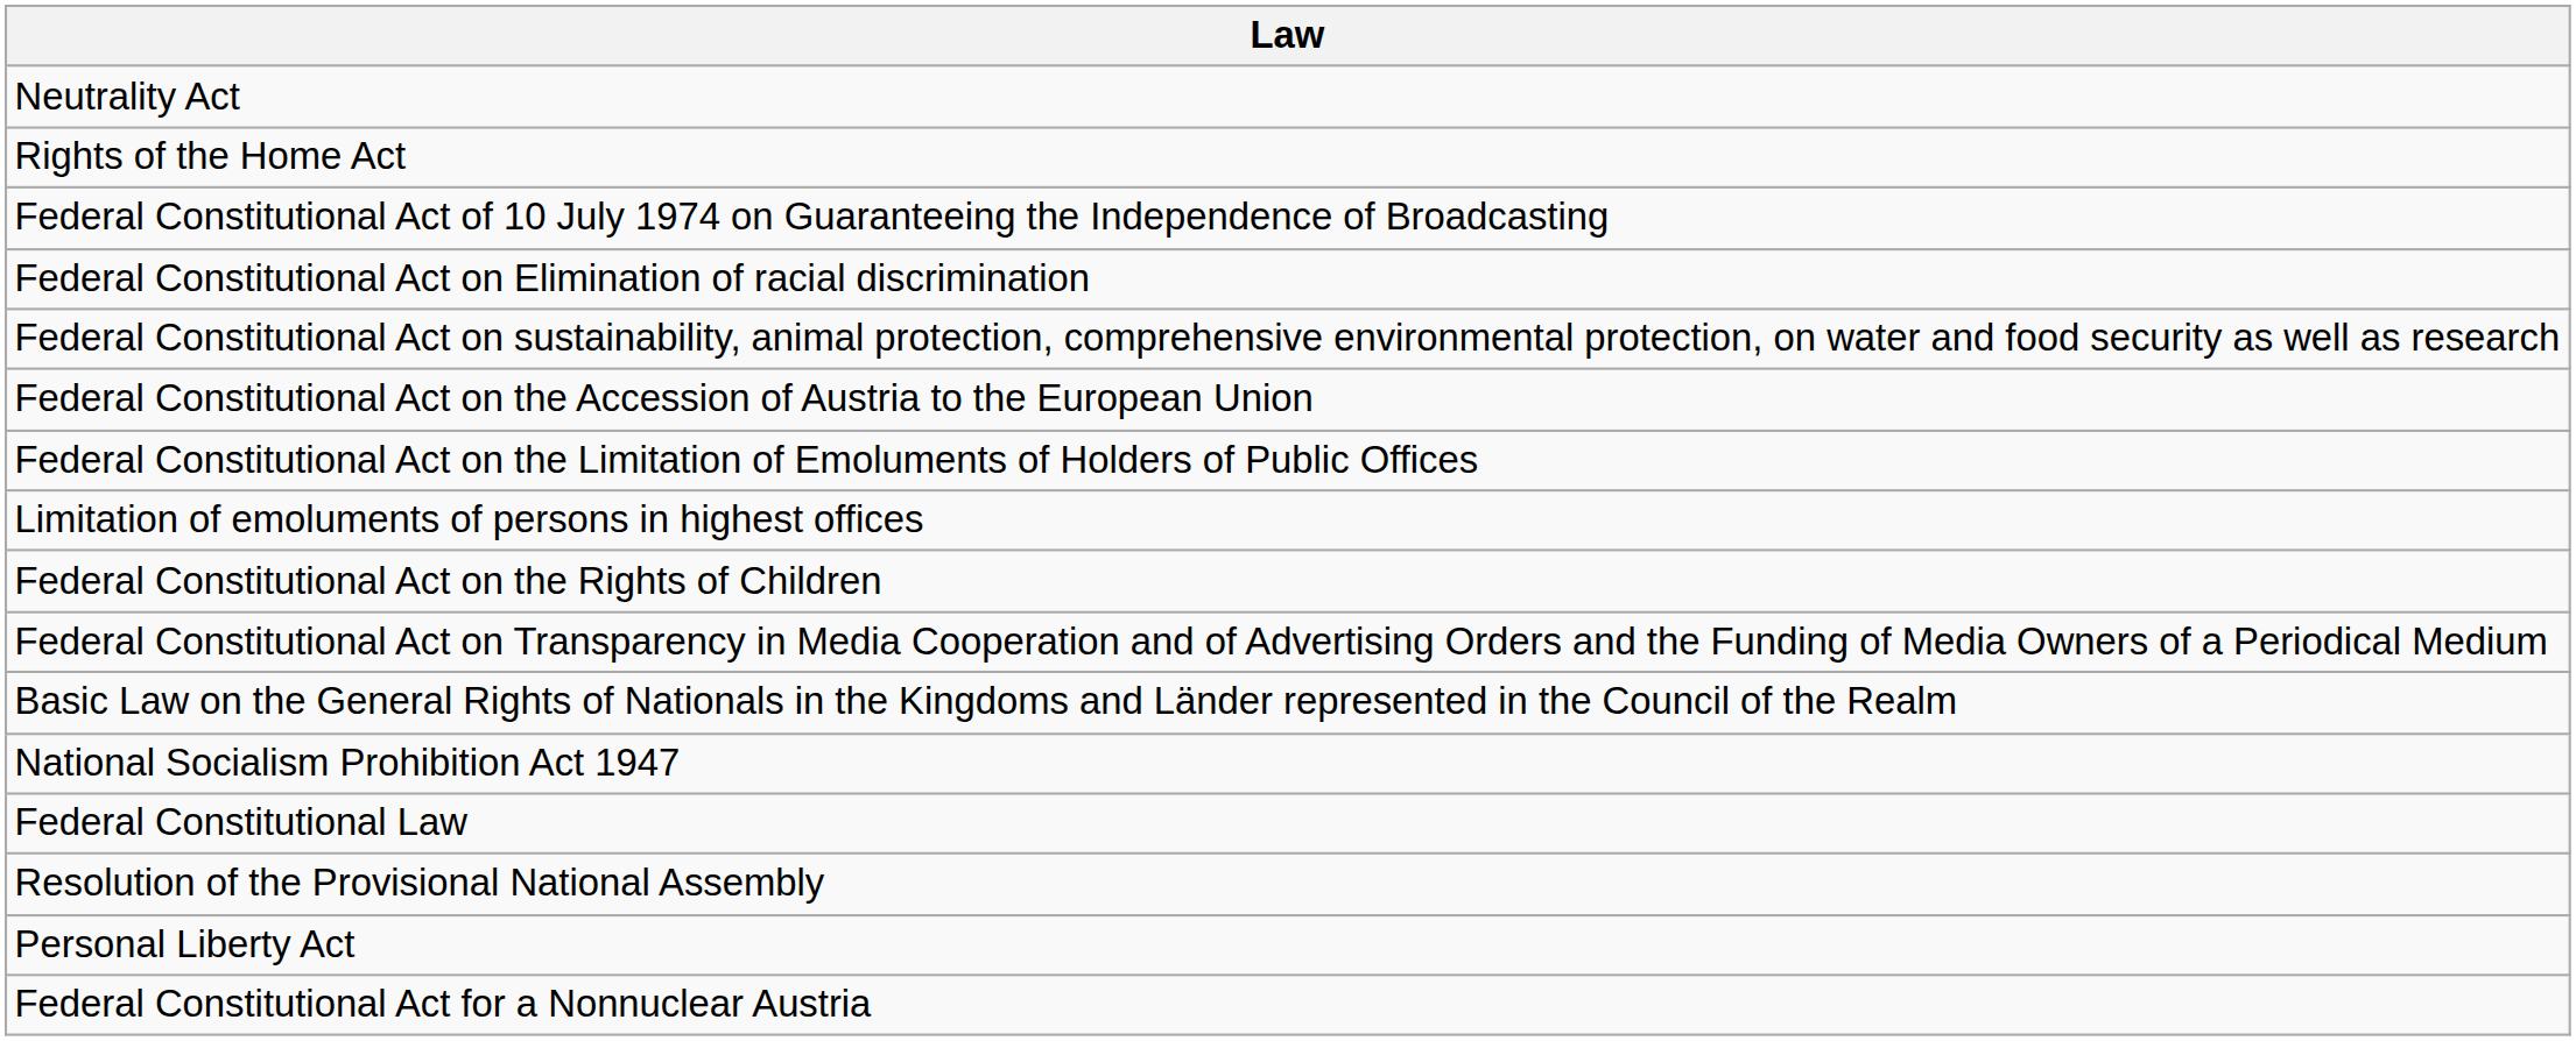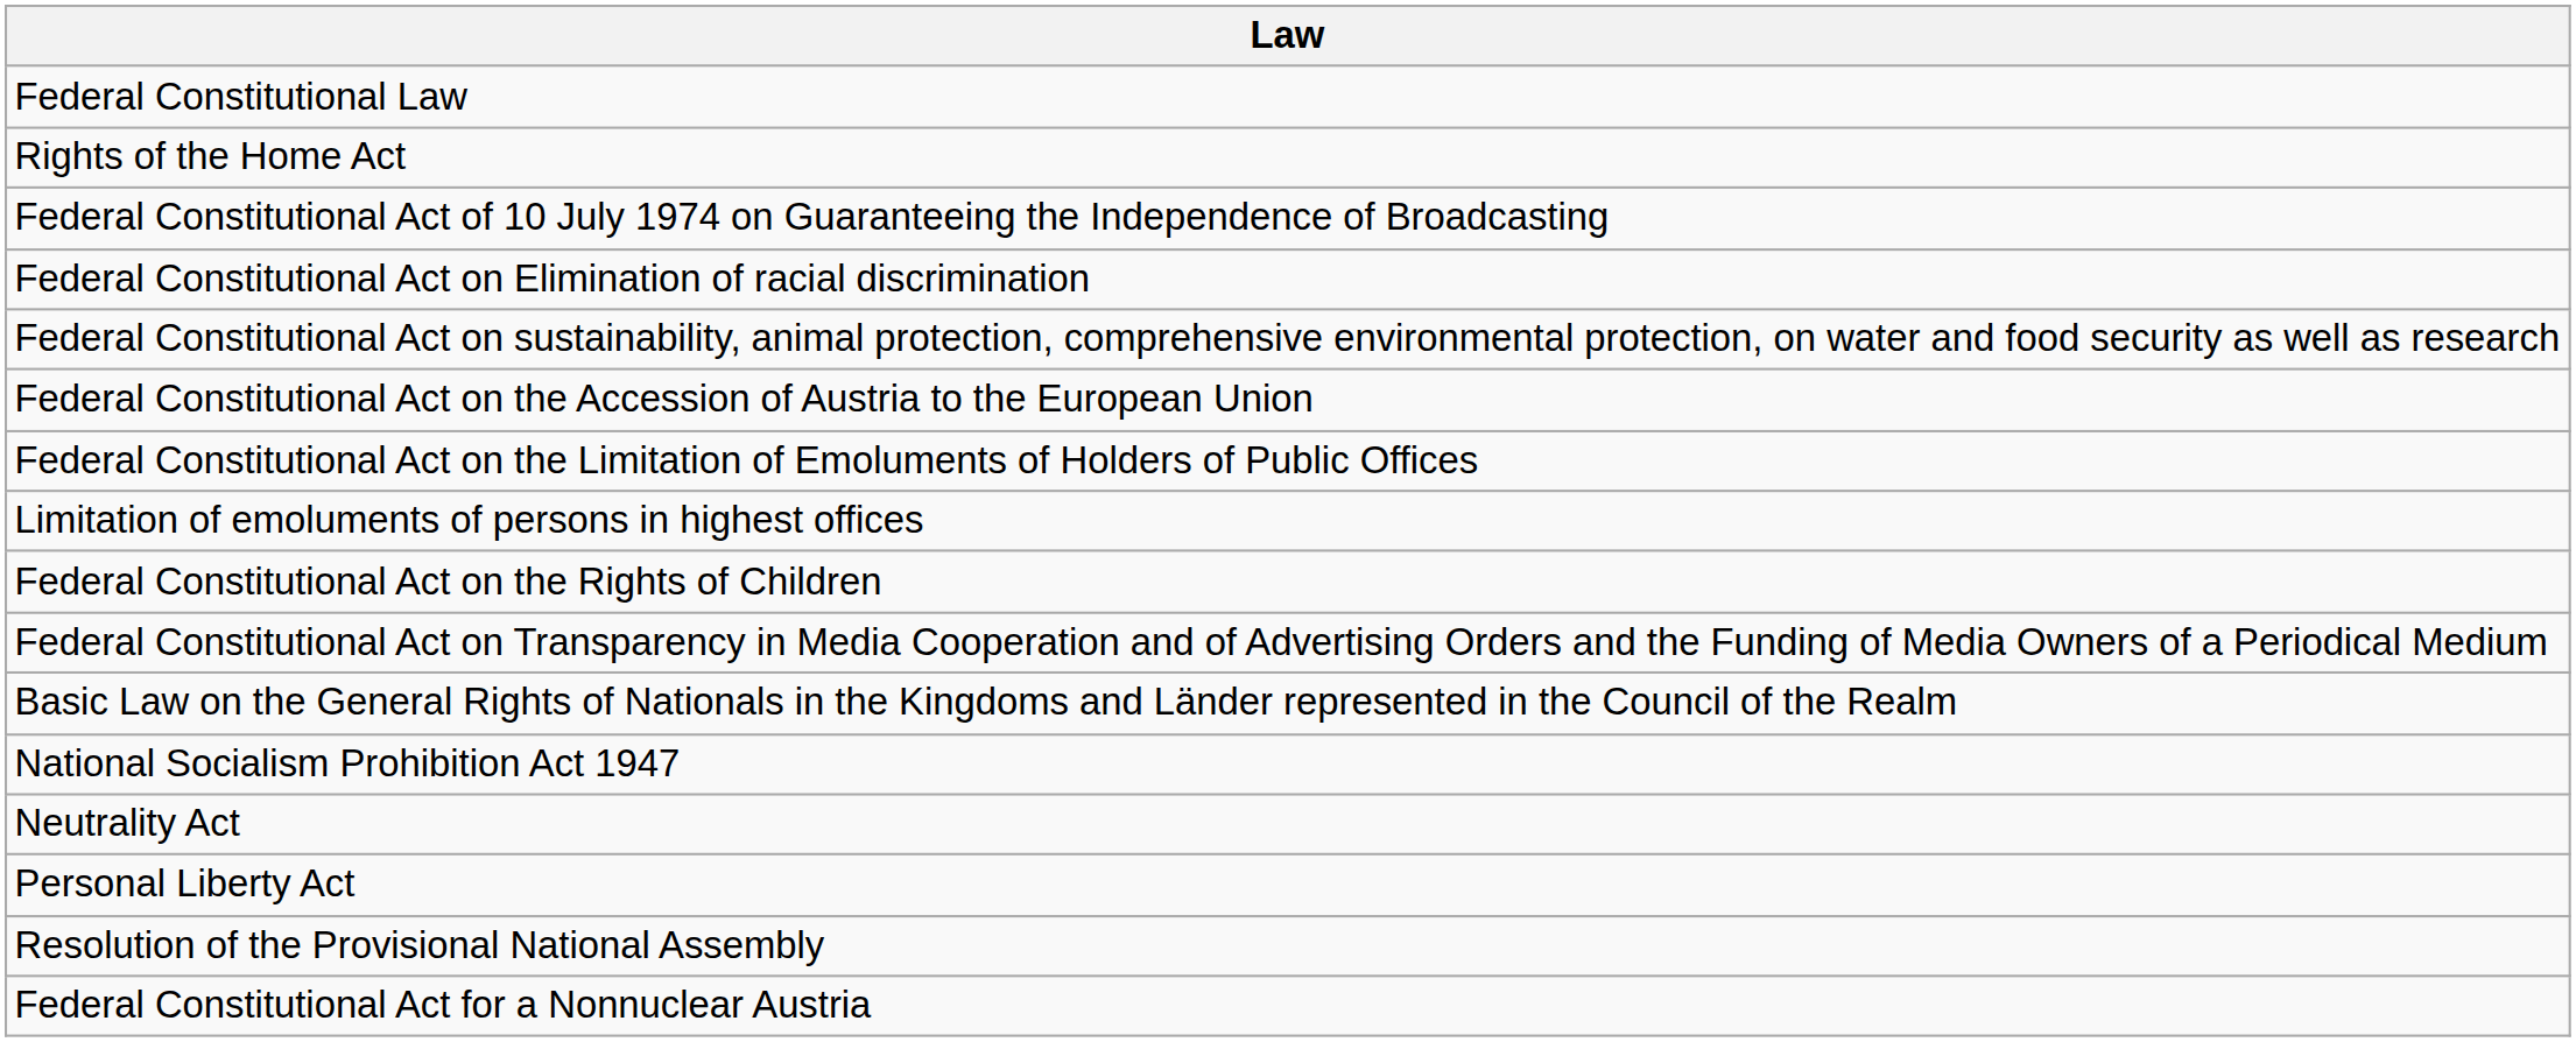 <table class="wikitable">
 <tr>
 <th>Law</th>
 </tr>
 <tr>
-<td>Neutrality Act</td>
+<td>Federal Constitutional Law</td>
 </tr>
 <tr>
 <td>Rights of the Home Act</td>
 </tr>
 <tr>
 <td>Federal Constitutional Act of 10 July 1974 on Guaranteeing the Independence of Broadcasting</td>
 </tr>
 <tr>
 <td>Federal Constitutional Act on Elimination of racial discrimination</td>
 </tr>
 <tr>
 <td>Federal Constitutional Act on sustainability, animal protection, comprehensive environmental protection, on water and food security as well as research</td>
 </tr>
 <tr>
 <td>Federal Constitutional Act on the Accession of Austria to the European Union</td>
 </tr>
 <tr>
 <td>Federal Constitutional Act on the Limitation of Emoluments of Holders of Public Offices</td>
 </tr>
 <tr>
 <td>Limitation of emoluments of persons in highest offices</td>
 </tr>
 <tr>
 <td>Federal Constitutional Act on the Rights of Children</td>
 </tr>
 <tr>
 <td>Federal Constitutional Act on Transparency in Media Cooperation and of Advertising Orders and the Funding of Media Owners of a Periodical Medium</td>
 </tr>
 <tr>
 <td>Basic Law on the General Rights of Nationals in the Kingdoms and Länder represented in the Council of the Realm</td>
 </tr>
 <tr>
 <td>National Socialism Prohibition Act 1947</td>
 </tr>
 <tr>
-<td>Federal Constitutional Law</td>
+<td>Neutrality Act</td>
+</tr>
+<tr>
+<td>Personal Liberty Act</td>
 </tr>
 <tr>
 <td>Resolution of the Provisional National Assembly</td>
 </tr>
 <tr>
-<td>Personal Liberty Act</td>
-</tr>
-<tr>
 <td>Federal Constitutional Act for a Nonnuclear Austria</td>
 </tr>
 </table>
